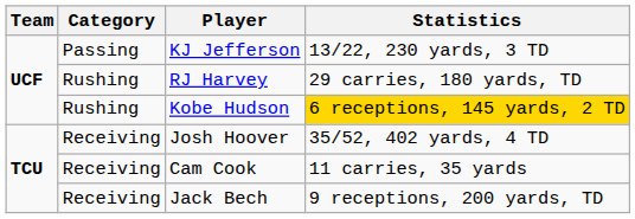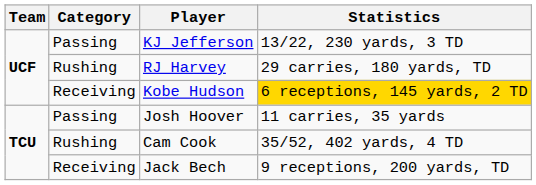 <table class="wikitable" style="float: right;">
 <tr>
 <th>Team</th>
 <th>Category</th>
 <th>Player</th>
 <th>Statistics</th>
 </tr>
 <tr>
 <td rowspan=3><strong>UCF</strong></td>
 <td>Passing</td>
 <td><a href='#'>KJ Jefferson</a></td>
 <td>13/22, 230 yards, 3 TD</td>
 </tr>
 <tr>
 <td>Rushing</td>
 <td><a href='#'>RJ Harvey</a></td>
 <td>29 carries, 180 yards, TD</td>
 </tr>
 <tr>
-<td>Rushing</td>
+<td>Receiving</td>
 <td><a href='#'>Kobe Hudson</a></td>
 <td style="background: gold;">6 receptions, 145 yards, 2 TD</td>
 </tr>
 <tr>
 <td rowspan=3><strong>TCU</strong></td>
-<td>Receiving</td>
+<td>Passing</td>
 <td>Josh Hoover</td>
-<td>35/52, 402 yards, 4 TD</td>
+<td>11 carries, 35 yards</td>
 </tr>
 <tr>
-<td>Receiving</td>
+<td>Rushing</td>
 <td>Cam Cook</td>
-<td>11 carries, 35 yards</td>
+<td>35/52, 402 yards, 4 TD</td>
 </tr>
 <tr>
 <td>Receiving</td>
 <td>Jack Bech</td>
 <td>9 receptions, 200 yards, TD</td>
 </tr>
 </table>
